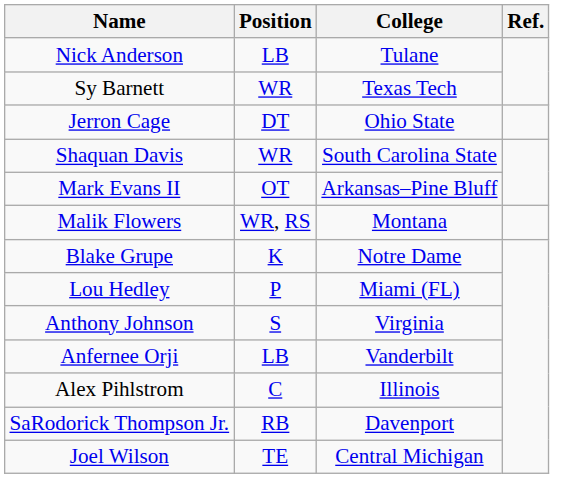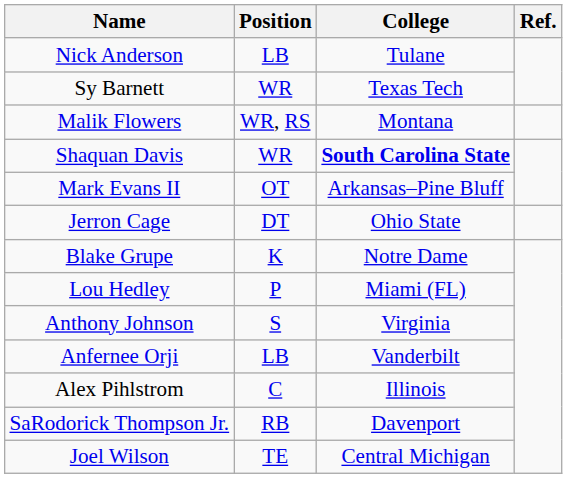 <table class="wikitable" style="text-align:center">
 <tr>
 <th>Name</th>
 <th>Position</th>
 <th>College</th>
 <th>Ref.</th>
 </tr>
 <tr>
 <td><a href='#'>Nick Anderson</a></td>
 <td><a href='#'>LB</a></td>
 <td><a href='#'>Tulane</a></td>
 <td rowspan="2"></td>
 </tr>
 <tr>
 <td>Sy Barnett</td>
 <td><a href='#'>WR</a></td>
 <td><a href='#'>Texas Tech</a></td>
 </tr>
 <tr>
-<td><a href='#'>Jerron Cage</a></td>
-<td><a href='#'>DT</a></td>
-<td><a href='#'>Ohio State</a></td>
+<td><a href='#'>Malik Flowers</a></td>
+<td><a href='#'>WR</a>, <a href='#'>RS</a></td>
+<td><a href='#'>Montana</a></td>
 <td></td>
 </tr>
 <tr>
 <td><a href='#'>Shaquan Davis</a></td>
 <td><a href='#'>WR</a></td>
-<td><a href='#'>South Carolina State</a></td>
+<td><strong><a href='#'>South Carolina State</a></strong></td>
 <td rowspan="2"></td>
 </tr>
 <tr>
 <td><a href='#'>Mark Evans II</a></td>
 <td><a href='#'>OT</a></td>
 <td><a href='#'>Arkansas–Pine Bluff</a></td>
 </tr>
 <tr>
-<td><a href='#'>Malik Flowers</a></td>
-<td><a href='#'>WR</a>, <a href='#'>RS</a></td>
-<td><a href='#'>Montana</a></td>
+<td><a href='#'>Jerron Cage</a></td>
+<td><a href='#'>DT</a></td>
+<td><a href='#'>Ohio State</a></td>
 <td></td>
 </tr>
 <tr>
 <td><a href='#'>Blake Grupe</a></td>
 <td><a href='#'>K</a></td>
 <td><a href='#'>Notre Dame</a></td>
 <td rowspan="7"></td>
 </tr>
 <tr>
 <td><a href='#'>Lou Hedley</a></td>
 <td><a href='#'>P</a></td>
 <td><a href='#'>Miami (FL)</a></td>
 </tr>
 <tr>
 <td><a href='#'>Anthony Johnson</a></td>
 <td><a href='#'>S</a></td>
 <td><a href='#'>Virginia</a></td>
 </tr>
 <tr>
 <td><a href='#'>Anfernee Orji</a></td>
 <td><a href='#'>LB</a></td>
 <td><a href='#'>Vanderbilt</a></td>
 </tr>
 <tr>
 <td>Alex Pihlstrom</td>
 <td><a href='#'>C</a></td>
 <td><a href='#'>Illinois</a></td>
 </tr>
 <tr>
 <td><a href='#'>SaRodorick Thompson Jr.</a></td>
 <td><a href='#'>RB</a></td>
 <td><a href='#'>Davenport</a></td>
 </tr>
 <tr>
 <td><a href='#'>Joel Wilson</a></td>
 <td><a href='#'>TE</a></td>
 <td><a href='#'>Central Michigan</a></td>
 </tr>
 </table>
